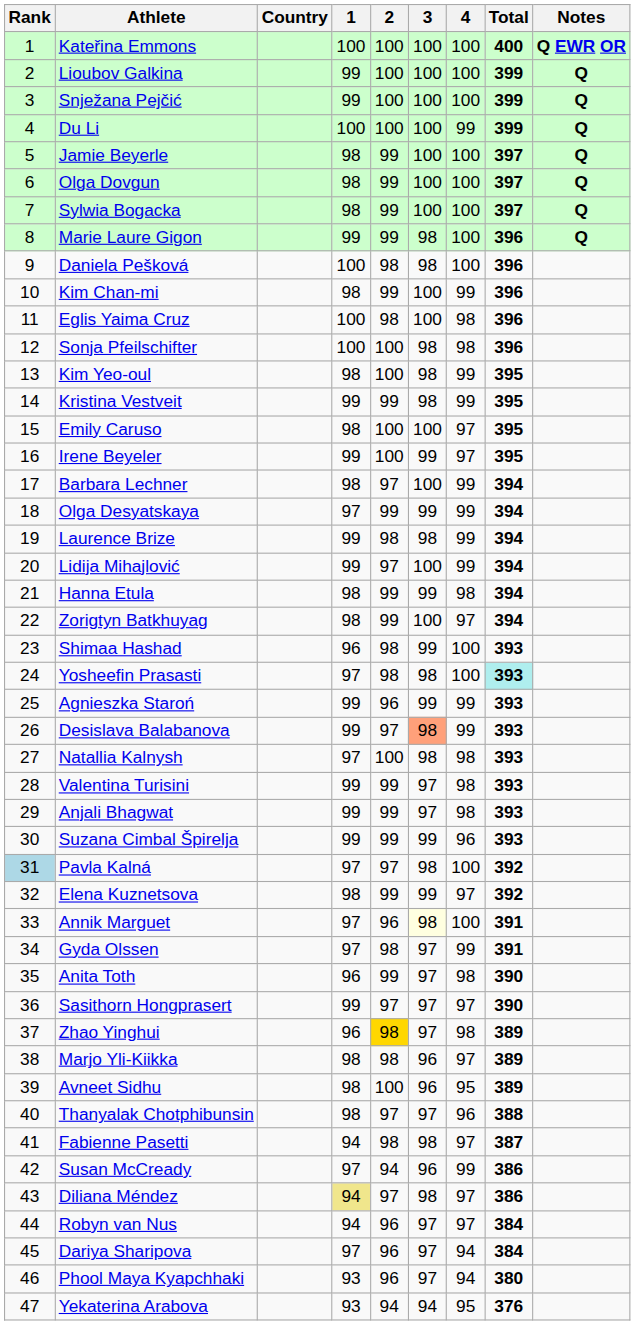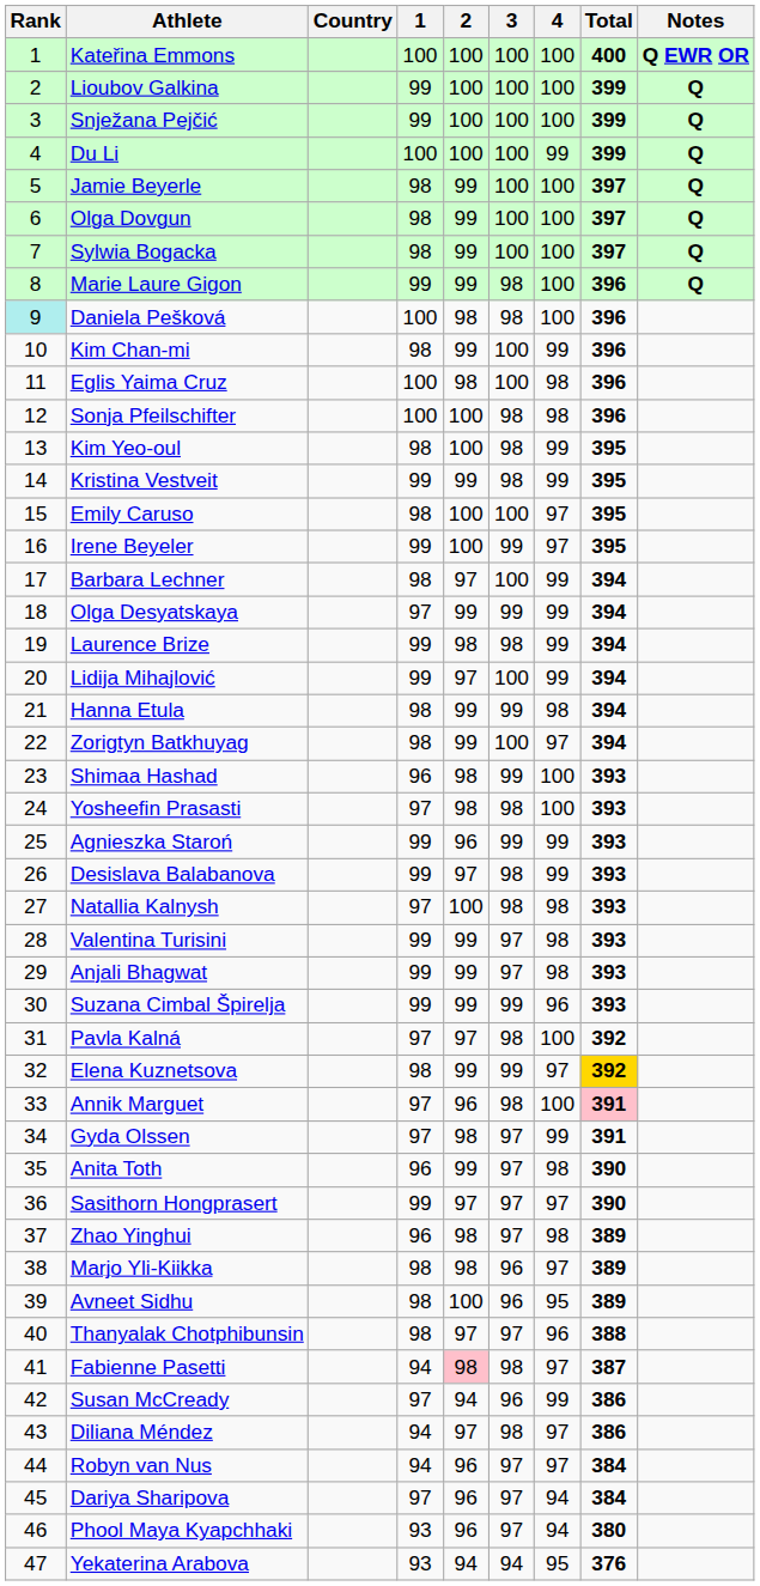 <table class="wikitable sortable" style="text-align:center">
 <tr>
 <th>Rank</th>
 <th>Athlete</th>
 <th>Country</th>
 <th class="unsortable" style="width: 28px">1</th>
 <th class="unsortable" style="width: 28px">2</th>
 <th class="unsortable" style="width: 28px">3</th>
 <th class="unsortable" style="width: 28px">4</th>
 <th>Total</th>
 <th class="unsortable">Notes</th>
 </tr>
 <tr bgcolor=#ccffcc>
 <td>1</td>
 <td align="left"><a href='#'>Kateřina Emmons</a></td>
 <td align="left"></td>
 <td>100</td>
 <td>100</td>
 <td>100</td>
 <td>100</td>
 <td><strong>400</strong></td>
 <td><strong>Q</strong> <strong><a href='#'>EWR</a></strong> <strong><a href='#'>OR</a></strong></td>
 </tr>
 <tr bgcolor=#ccffcc>
 <td>2</td>
 <td align="left"><a href='#'>Lioubov Galkina</a></td>
 <td align="left"></td>
 <td>99</td>
 <td>100</td>
 <td>100</td>
 <td>100</td>
 <td><strong>399</strong></td>
 <td><strong>Q</strong></td>
 </tr>
 <tr bgcolor=#ccffcc>
 <td>3</td>
 <td align="left"><a href='#'>Snježana Pejčić</a></td>
 <td align="left"></td>
 <td>99</td>
 <td>100</td>
 <td>100</td>
 <td>100</td>
 <td><strong>399</strong></td>
 <td><strong>Q</strong></td>
 </tr>
 <tr bgcolor=#ccffcc>
 <td>4</td>
 <td align="left"><a href='#'>Du Li</a></td>
 <td align="left"></td>
 <td>100</td>
 <td>100</td>
 <td>100</td>
 <td>99</td>
 <td><strong>399</strong></td>
 <td><strong>Q</strong></td>
 </tr>
 <tr bgcolor=#ccffcc>
 <td>5</td>
 <td align="left"><a href='#'>Jamie Beyerle</a></td>
 <td align="left"></td>
 <td>98</td>
 <td>99</td>
 <td>100</td>
 <td>100</td>
 <td><strong>397</strong></td>
 <td><strong>Q</strong></td>
 </tr>
 <tr bgcolor=#ccffcc>
 <td>6</td>
 <td align="left"><a href='#'>Olga Dovgun</a></td>
 <td align="left"></td>
 <td>98</td>
 <td>99</td>
 <td>100</td>
 <td>100</td>
 <td><strong>397</strong></td>
 <td><strong>Q</strong></td>
 </tr>
 <tr bgcolor=#ccffcc>
 <td>7</td>
 <td align="left"><a href='#'>Sylwia Bogacka</a></td>
 <td align="left"></td>
 <td>98</td>
 <td>99</td>
 <td>100</td>
 <td>100</td>
 <td><strong>397</strong></td>
 <td><strong>Q</strong></td>
 </tr>
 <tr bgcolor=#ccffcc>
 <td>8</td>
 <td align="left"><a href='#'>Marie Laure Gigon</a></td>
 <td align="left"></td>
 <td>99</td>
 <td>99</td>
 <td>98</td>
 <td>100</td>
 <td><strong>396</strong></td>
 <td><strong>Q</strong></td>
 </tr>
 <tr>
-<td>9</td>
+<td style="background: paleturquoise;">9</td>
 <td align="left"><a href='#'>Daniela Pešková</a></td>
 <td align="left"></td>
 <td>100</td>
 <td>98</td>
 <td>98</td>
 <td>100</td>
 <td><strong>396</strong></td>
 <td></td>
 </tr>
 <tr>
 <td>10</td>
 <td align="left"><a href='#'>Kim Chan-mi</a></td>
 <td align="left"></td>
 <td>98</td>
 <td>99</td>
 <td>100</td>
 <td>99</td>
 <td><strong>396</strong></td>
 <td></td>
 </tr>
 <tr>
 <td>11</td>
 <td align="left"><a href='#'>Eglis Yaima Cruz</a></td>
 <td align="left"></td>
 <td>100</td>
 <td>98</td>
 <td>100</td>
 <td>98</td>
 <td><strong>396</strong></td>
 <td></td>
 </tr>
 <tr>
 <td>12</td>
 <td align="left"><a href='#'>Sonja Pfeilschifter</a></td>
 <td align="left"></td>
 <td>100</td>
 <td>100</td>
 <td>98</td>
 <td>98</td>
 <td><strong>396</strong></td>
 <td></td>
 </tr>
 <tr>
 <td>13</td>
 <td align="left"><a href='#'>Kim Yeo-oul</a></td>
 <td align="left"></td>
 <td>98</td>
 <td>100</td>
 <td>98</td>
 <td>99</td>
 <td><strong>395</strong></td>
 <td></td>
 </tr>
 <tr>
 <td>14</td>
 <td align="left"><a href='#'>Kristina Vestveit</a></td>
 <td align="left"></td>
 <td>99</td>
 <td>99</td>
 <td>98</td>
 <td>99</td>
 <td><strong>395</strong></td>
 <td></td>
 </tr>
 <tr>
 <td>15</td>
 <td align="left"><a href='#'>Emily Caruso</a></td>
 <td align="left"></td>
 <td>98</td>
 <td>100</td>
 <td>100</td>
 <td>97</td>
 <td><strong>395</strong></td>
 <td></td>
 </tr>
 <tr>
 <td>16</td>
 <td align="left"><a href='#'>Irene Beyeler</a></td>
 <td align="left"></td>
 <td>99</td>
 <td>100</td>
 <td>99</td>
 <td>97</td>
 <td><strong>395</strong></td>
 <td></td>
 </tr>
 <tr>
 <td>17</td>
 <td align="left"><a href='#'>Barbara Lechner</a></td>
 <td align="left"></td>
 <td>98</td>
 <td>97</td>
 <td>100</td>
 <td>99</td>
 <td><strong>394</strong></td>
 <td></td>
 </tr>
 <tr>
 <td>18</td>
 <td align="left"><a href='#'>Olga Desyatskaya</a></td>
 <td align="left"></td>
 <td>97</td>
 <td>99</td>
 <td>99</td>
 <td>99</td>
 <td><strong>394</strong></td>
 <td></td>
 </tr>
 <tr>
 <td>19</td>
 <td align="left"><a href='#'>Laurence Brize</a></td>
 <td align="left"></td>
 <td>99</td>
 <td>98</td>
 <td>98</td>
 <td>99</td>
 <td><strong>394</strong></td>
 <td></td>
 </tr>
 <tr>
 <td>20</td>
 <td align="left"><a href='#'>Lidija Mihajlović</a></td>
 <td align="left"></td>
 <td>99</td>
 <td>97</td>
 <td>100</td>
 <td>99</td>
 <td><strong>394</strong></td>
 <td></td>
 </tr>
 <tr>
 <td>21</td>
 <td align="left"><a href='#'>Hanna Etula</a></td>
 <td align="left"></td>
 <td>98</td>
 <td>99</td>
 <td>99</td>
 <td>98</td>
 <td><strong>394</strong></td>
 <td></td>
 </tr>
 <tr>
 <td>22</td>
 <td align="left"><a href='#'>Zorigtyn Batkhuyag</a></td>
 <td align="left"></td>
 <td>98</td>
 <td>99</td>
 <td>100</td>
 <td>97</td>
 <td><strong>394</strong></td>
 <td></td>
 </tr>
 <tr>
 <td>23</td>
 <td align="left"><a href='#'>Shimaa Hashad</a></td>
 <td align="left"></td>
 <td>96</td>
 <td>98</td>
 <td>99</td>
 <td>100</td>
 <td><strong>393</strong></td>
 <td></td>
 </tr>
 <tr>
 <td>24</td>
 <td align="left"><a href='#'>Yosheefin Prasasti</a></td>
 <td align="left"></td>
 <td>97</td>
 <td>98</td>
 <td>98</td>
 <td>100</td>
-<td style="background: paleturquoise;"><strong>393</strong></td>
+<td><strong>393</strong></td>
 <td></td>
 </tr>
 <tr>
 <td>25</td>
 <td align="left"><a href='#'>Agnieszka Staroń</a></td>
 <td align="left"></td>
 <td>99</td>
 <td>96</td>
 <td>99</td>
 <td>99</td>
 <td><strong>393</strong></td>
 <td></td>
 </tr>
 <tr>
 <td>26</td>
 <td align="left"><a href='#'>Desislava Balabanova</a></td>
 <td align="left"></td>
 <td>99</td>
 <td>97</td>
-<td style="background: lightsalmon;">98</td>
+<td>98</td>
 <td>99</td>
 <td><strong>393</strong></td>
 <td></td>
 </tr>
 <tr>
 <td>27</td>
 <td align="left"><a href='#'>Natallia Kalnysh</a></td>
 <td align="left"></td>
 <td>97</td>
 <td>100</td>
 <td>98</td>
 <td>98</td>
 <td><strong>393</strong></td>
 <td></td>
 </tr>
 <tr>
 <td>28</td>
 <td align="left"><a href='#'>Valentina Turisini</a></td>
 <td align="left"></td>
 <td>99</td>
 <td>99</td>
 <td>97</td>
 <td>98</td>
 <td><strong>393</strong></td>
 <td></td>
 </tr>
 <tr>
 <td>29</td>
 <td align="left"><a href='#'>Anjali Bhagwat</a></td>
 <td align="left"></td>
 <td>99</td>
 <td>99</td>
 <td>97</td>
 <td>98</td>
 <td><strong>393</strong></td>
 <td></td>
 </tr>
 <tr>
 <td>30</td>
 <td align="left"><a href='#'>Suzana Cimbal Špirelja</a></td>
 <td align="left"></td>
 <td>99</td>
 <td>99</td>
 <td>99</td>
 <td>96</td>
 <td><strong>393</strong></td>
 <td></td>
 </tr>
 <tr>
-<td style="background: lightblue;">31</td>
+<td>31</td>
 <td align="left"><a href='#'>Pavla Kalná</a></td>
 <td align="left"></td>
 <td>97</td>
 <td>97</td>
 <td>98</td>
 <td>100</td>
 <td><strong>392</strong></td>
 <td></td>
 </tr>
 <tr>
 <td>32</td>
 <td align="left"><a href='#'>Elena Kuznetsova</a></td>
 <td align="left"></td>
 <td>98</td>
 <td>99</td>
 <td>99</td>
 <td>97</td>
-<td><strong>392</strong></td>
+<td style="background: gold;"><strong>392</strong></td>
 <td></td>
 </tr>
 <tr>
 <td>33</td>
 <td align="left"><a href='#'>Annik Marguet</a></td>
 <td align="left"></td>
 <td>97</td>
 <td>96</td>
-<td style="background: lightyellow;">98</td>
+<td>98</td>
 <td>100</td>
-<td><strong>391</strong></td>
+<td style="background: pink;"><strong>391</strong></td>
 <td></td>
 </tr>
 <tr>
 <td>34</td>
 <td align="left"><a href='#'>Gyda Olssen</a></td>
 <td align="left"></td>
 <td>97</td>
 <td>98</td>
 <td>97</td>
 <td>99</td>
 <td><strong>391</strong></td>
 <td></td>
 </tr>
 <tr>
 <td>35</td>
 <td align="left"><a href='#'>Anita Toth</a></td>
 <td align="left"></td>
 <td>96</td>
 <td>99</td>
 <td>97</td>
 <td>98</td>
 <td><strong>390</strong></td>
 <td></td>
 </tr>
 <tr>
 <td>36</td>
 <td align="left"><a href='#'>Sasithorn Hongprasert</a></td>
 <td align="left"></td>
 <td>99</td>
 <td>97</td>
 <td>97</td>
 <td>97</td>
 <td><strong>390</strong></td>
 <td></td>
 </tr>
 <tr>
 <td>37</td>
 <td align="left"><a href='#'>Zhao Yinghui</a></td>
 <td align="left"></td>
 <td>96</td>
-<td style="background: gold;">98</td>
+<td>98</td>
 <td>97</td>
 <td>98</td>
 <td><strong>389</strong></td>
 <td></td>
 </tr>
 <tr>
 <td>38</td>
 <td align="left"><a href='#'>Marjo Yli-Kiikka</a></td>
 <td align="left"></td>
 <td>98</td>
 <td>98</td>
 <td>96</td>
 <td>97</td>
 <td><strong>389</strong></td>
 <td></td>
 </tr>
 <tr>
 <td>39</td>
 <td align="left"><a href='#'>Avneet Sidhu</a></td>
 <td align="left"></td>
 <td>98</td>
 <td>100</td>
 <td>96</td>
 <td>95</td>
 <td><strong>389</strong></td>
 <td></td>
 </tr>
 <tr>
 <td>40</td>
 <td align="left"><a href='#'>Thanyalak Chotphibunsin</a></td>
 <td align="left"></td>
 <td>98</td>
 <td>97</td>
 <td>97</td>
 <td>96</td>
 <td><strong>388</strong></td>
 <td></td>
 </tr>
 <tr>
 <td>41</td>
 <td align="left"><a href='#'>Fabienne Pasetti</a></td>
 <td align="left"></td>
 <td>94</td>
-<td>98</td>
+<td style="background: pink;">98</td>
 <td>98</td>
 <td>97</td>
 <td><strong>387</strong></td>
 <td></td>
 </tr>
 <tr>
 <td>42</td>
 <td align="left"><a href='#'>Susan McCready</a></td>
 <td align="left"></td>
 <td>97</td>
 <td>94</td>
 <td>96</td>
 <td>99</td>
 <td><strong>386</strong></td>
 <td></td>
 </tr>
 <tr>
 <td>43</td>
 <td align="left"><a href='#'>Diliana Méndez</a></td>
 <td align="left"></td>
-<td style="background: khaki;">94</td>
+<td>94</td>
 <td>97</td>
 <td>98</td>
 <td>97</td>
 <td><strong>386</strong></td>
 <td></td>
 </tr>
 <tr>
 <td>44</td>
 <td align="left"><a href='#'>Robyn van Nus</a></td>
 <td align="left"></td>
 <td>94</td>
 <td>96</td>
 <td>97</td>
 <td>97</td>
 <td><strong>384</strong></td>
 <td></td>
 </tr>
 <tr>
 <td>45</td>
 <td align="left"><a href='#'>Dariya Sharipova</a></td>
 <td align="left"></td>
 <td>97</td>
 <td>96</td>
 <td>97</td>
 <td>94</td>
 <td><strong>384</strong></td>
 <td></td>
 </tr>
 <tr>
 <td>46</td>
 <td align="left"><a href='#'>Phool Maya Kyapchhaki</a></td>
 <td align="left"></td>
 <td>93</td>
 <td>96</td>
 <td>97</td>
 <td>94</td>
 <td><strong>380</strong></td>
 <td></td>
 </tr>
 <tr>
 <td>47</td>
 <td align="left"><a href='#'>Yekaterina Arabova</a></td>
 <td align="left"></td>
 <td>93</td>
 <td>94</td>
 <td>94</td>
 <td>95</td>
 <td><strong>376</strong></td>
 <td></td>
 </tr>
 </table>
